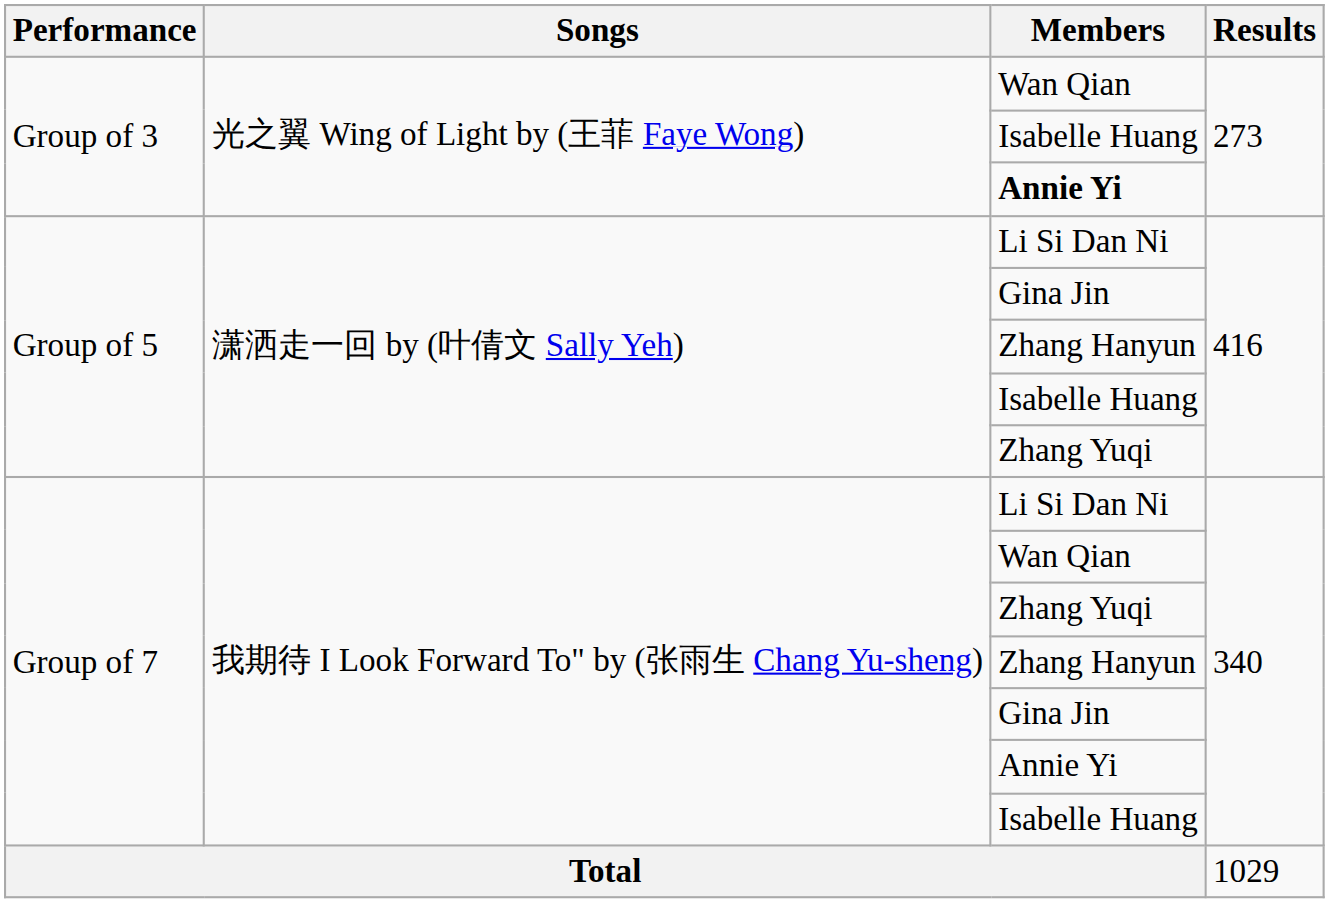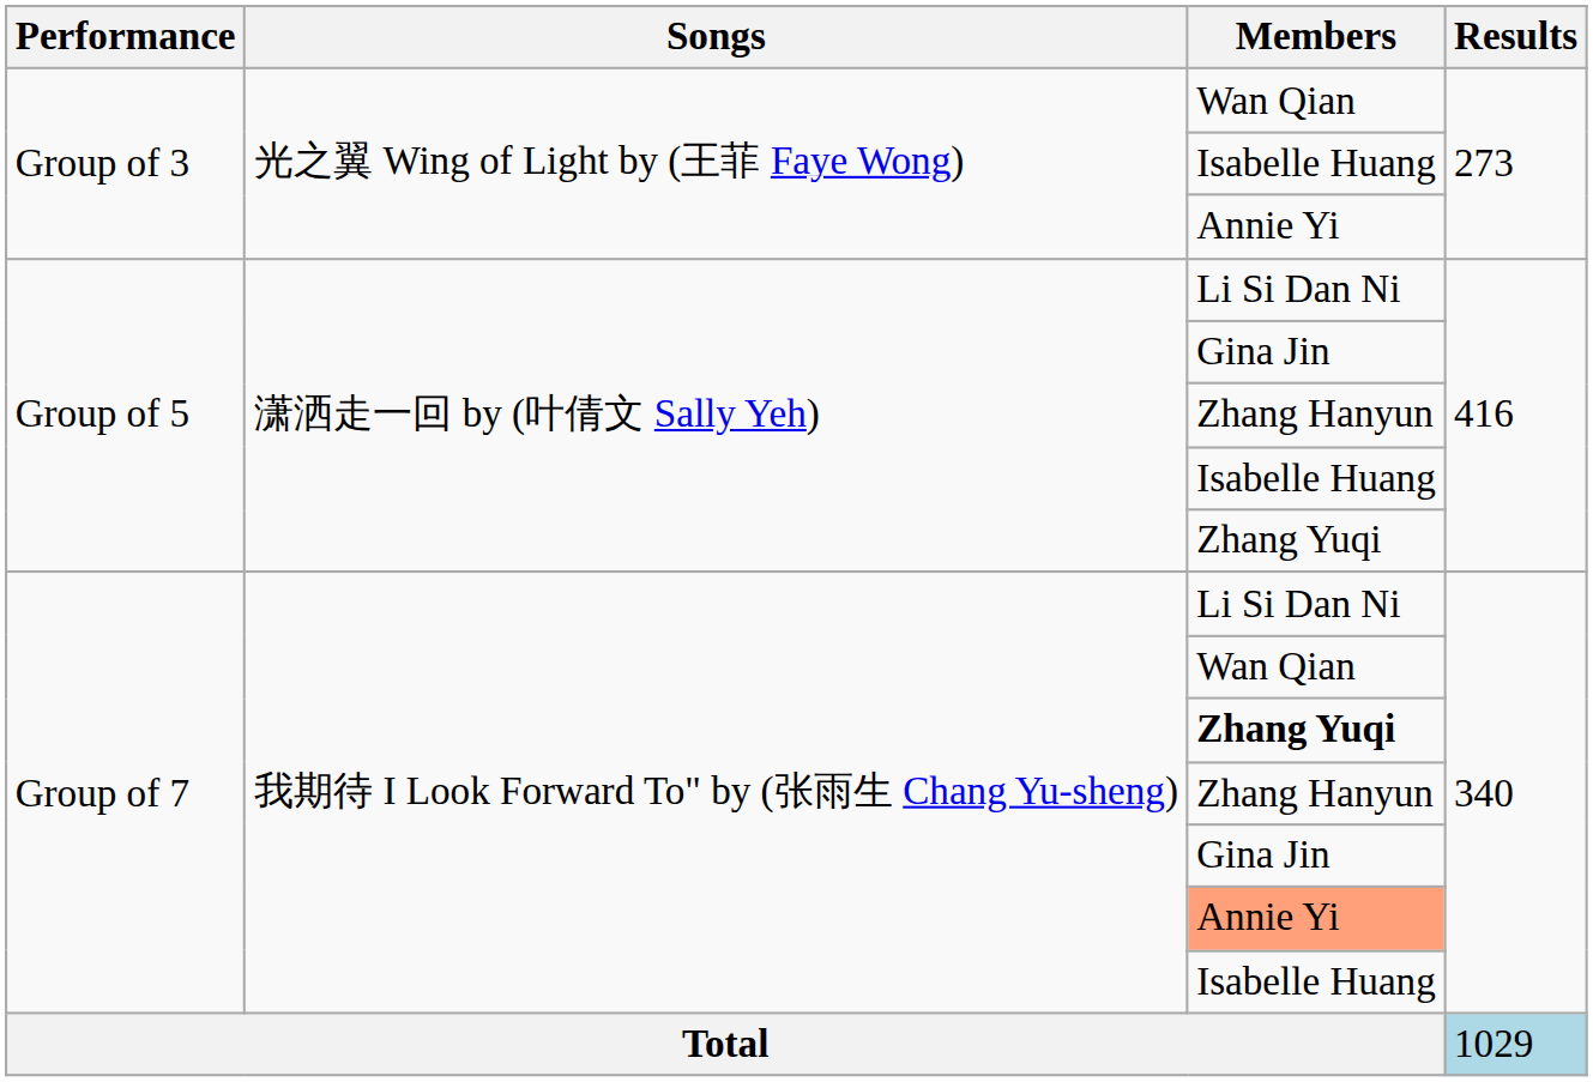 <table class="wikitable">
 <tr>
 <th>Performance</th>
 <th>Songs</th>
 <th>Members</th>
 <th>Results</th>
 </tr>
 <tr>
 <td rowspan="3">Group of 3</td>
 <td rowspan="3">光之翼 Wing of Light by (王菲 <a href='#'>Faye Wong</a>)</td>
 <td>Wan Qian</td>
 <td rowspan="3">273</td>
 </tr>
 <tr>
 <td>Isabelle Huang</td>
 </tr>
 <tr>
-<td><strong>Annie Yi</strong></td>
+<td>Annie Yi</td>
 </tr>
 <tr>
 <td rowspan="5">Group of 5</td>
 <td rowspan="5">潇洒走一回 by (叶倩文 <a href='#'>Sally Yeh</a>)</td>
 <td>Li Si Dan Ni</td>
 <td rowspan="5">416</td>
 </tr>
 <tr>
 <td>Gina Jin</td>
 </tr>
 <tr>
 <td>Zhang Hanyun</td>
 </tr>
 <tr>
 <td>Isabelle Huang</td>
 </tr>
 <tr>
 <td>Zhang Yuqi</td>
 </tr>
 <tr>
 <td rowspan="7">Group of 7</td>
 <td rowspan="7">我期待 I Look Forward To" by (张雨生 <a href='#'>Chang Yu-sheng</a>)</td>
 <td>Li Si Dan Ni</td>
 <td rowspan="7">340</td>
 </tr>
 <tr>
 <td>Wan Qian</td>
 </tr>
 <tr>
-<td>Zhang Yuqi</td>
+<td><strong>Zhang Yuqi</strong></td>
 </tr>
 <tr>
 <td>Zhang Hanyun</td>
 </tr>
 <tr>
 <td>Gina Jin</td>
 </tr>
 <tr>
-<td>Annie Yi</td>
+<td style="background: lightsalmon;">Annie Yi</td>
 </tr>
 <tr>
 <td>Isabelle Huang</td>
 </tr>
 <tr>
 <th colspan="3">Total</th>
-<td>1029</td>
+<td style="background: lightblue;">1029</td>
 </tr>
 </table>
